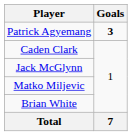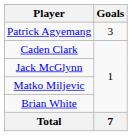 <table class="wikitable sortable" style="text-align: center;">
 <tr>
 <th>Player</th>
 <th>Goals</th>
 </tr>
 <tr>
 <td><a href='#'>Patrick Agyemang</a></td>
-<td><strong>3</strong></td>
+<td>3</td>
 </tr>
 <tr>
 <td><a href='#'>Caden Clark</a></td>
 <td rowspan=4>1</td>
 </tr>
 <tr>
 <td><a href='#'>Jack McGlynn</a></td>
 </tr>
 <tr>
 <td><a href='#'>Matko Miljevic</a></td>
 </tr>
 <tr>
 <td><a href='#'>Brian White</a></td>
 </tr>
 <tr>
 <th>Total</th>
 <th>7</th>
 </tr>
 </table>
